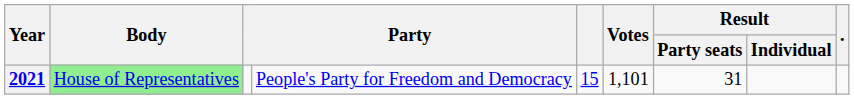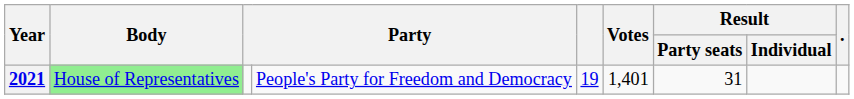 <table class="wikitable plainrowheaders sortable" border=2 cellpadding=4 cellspacing=0 style="border: 1px #aaa solid; font-size: 90%; text-align:center;">
 <tr>
 <th scope="col" rowspan=2>Year</th>
 <th scope="col" rowspan=2>Body</th>
 <th scope="col" colspan=2 rowspan=2>Party</th>
 <th scope="col" rowspan=2></th>
 <th scope="col" rowspan=2>Votes</th>
 <th scope="colgroup" colspan=2>Result</th>
 <th scope="col" rowspan=2 class="unsortable">.</th>
 </tr>
 <tr>
 <th scope="col">Party seats</th>
 <th scope="col">Individual</th>
 </tr>
 <tr>
 <th scope="row"><a href='#'>2021</a></th>
 <td style="background: lightgreen;"><a href='#'>House of Representatives</a></td>
 <td style="background-color:"></td>
 <td><a href='#'>People's Party for Freedom and Democracy</a></td>
-<td style=text-align:right><a href='#'>15</a></td>
-<td style=text-align:right>1,101</td>
+<td style=text-align:right><a href='#'>19</a></td>
+<td style=text-align:right>1,401</td>
 <td style=text-align:right>31</td>
 <td></td>
 <td></td>
 </tr>
 </table>
